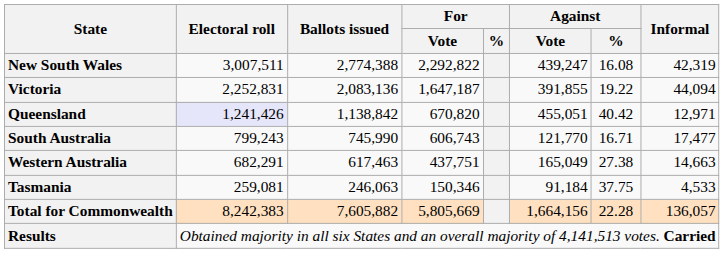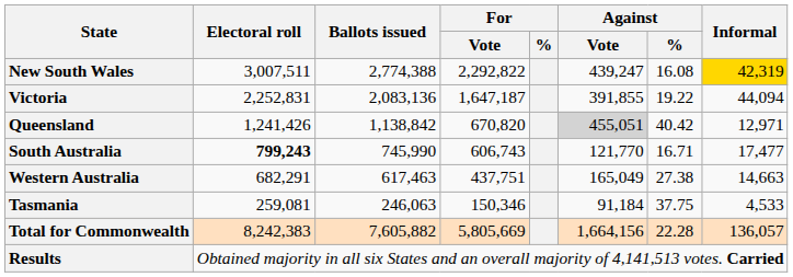 <table class="wikitable">
 <tr align=center>
 <th rowspan="2">State</th>
 <th rowspan="2">Electoral roll</th>
 <th rowspan="2">Ballots issued</th>
 <th align=center colspan="2">For</th>
 <th align=center colspan="2">Against</th>
 <th align=center rowspan="2">Informal</th>
 </tr>
 <tr>
 <th align=center>Vote</th>
 <th align=center>%</th>
 <th align=center>Vote</th>
 <th align=center>%</th>
 </tr>
 <tr align="right">
 <th style="text-align:left">New South Wales</th>
 <td>3,007,511</td>
 <td>2,774,388</td>
 <td>2,292,822</td>
 <th></th>
 <td>439,247</td>
 <td align="center">16.08</td>
-<td>42,319</td>
+<td style="background: gold;">42,319</td>
 </tr>
 <tr align="right">
 <th style="text-align:left">Victoria</th>
 <td>2,252,831</td>
 <td>2,083,136</td>
 <td>1,647,187</td>
 <th></th>
 <td>391,855</td>
 <td align="center">19.22</td>
 <td>44,094</td>
 </tr>
 <tr align="right">
 <th style="text-align:left">Queensland</th>
-<td style="background: lavender;">1,241,426</td>
+<td>1,241,426</td>
 <td>1,138,842</td>
 <td>670,820</td>
 <th></th>
-<td>455,051</td>
+<td style="background: lightgrey;">455,051</td>
 <td align="center">40.42</td>
 <td>12,971</td>
 </tr>
 <tr align="right">
 <th style="text-align:left">South Australia</th>
-<td>799,243</td>
+<td><strong>799,243</strong></td>
 <td>745,990</td>
 <td>606,743</td>
 <th></th>
 <td>121,770</td>
 <td align="center">16.71</td>
 <td>17,477</td>
 </tr>
 <tr align="right">
 <th style="text-align:left">Western Australia</th>
 <td>682,291</td>
 <td>617,463</td>
 <td>437,751</td>
 <th></th>
 <td>165,049</td>
 <td align="center">27.38</td>
 <td>14,663</td>
 </tr>
 <tr align="right">
 <th style="text-align:left">Tasmania</th>
 <td>259,081</td>
 <td>246,063</td>
 <td>150,346</td>
 <th></th>
 <td>91,184</td>
 <td align="center">37.75</td>
 <td>4,533</td>
 </tr>
 <tr bgcolor=#FFE0C0 align="right">
 <th style="text-align:left;">Total for Commonwealth</th>
 <td>8,242,383</td>
 <td>7,605,882</td>
 <td>5,805,669</td>
 <th></th>
 <td>1,664,156</td>
 <td align="center">22.28</td>
 <td>136,057</td>
 </tr>
 <tr>
 <th style="text-align:left;">Results</th>
 <td colSpan="8"><em>Obtained majority in all six States and an overall majority of 4,141,513 votes.</em> <strong>Carried</strong></td>
 </tr>
 </table>
